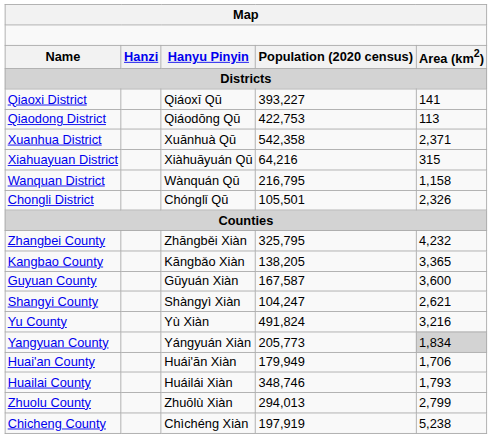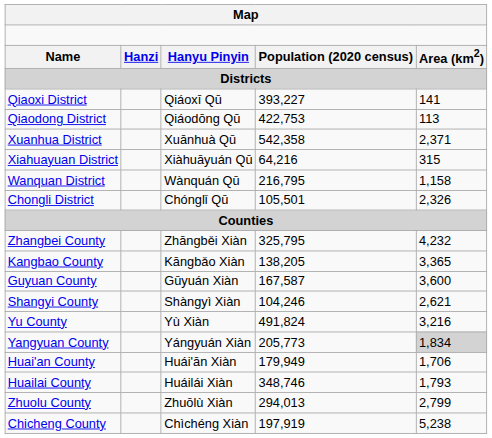 <table class="wikitable" style="font-size:90%; margin:auto;">
 <tr>
 <th colspan="6" style="text-align:center;">Map</th>
 </tr>
 <tr>
 <td colspan="6" style="text-align:center;"><div><br>                  </div></td>
 </tr>
 <tr>
 <th>Name</th>
 <th><a href='#'>Hanzi</a></th>
 <th><a href='#'>Hanyu Pinyin</a></th>
 <th>Population (2020 census)</th>
 <th>Area (km<sup>2</sup>)</th>
 </tr>
 <tr>
 <td colspan="6" style="text-align:center; background:#d3d3d3;"><strong>Districts</strong></td>
 </tr>
 <tr>
 <td><a href='#'>Qiaoxi District</a></td>
 <td></td>
 <td>Qiáoxī Qū</td>
 <td>393,227</td>
 <td>141</td>
 </tr>
 <tr>
 <td><a href='#'>Qiaodong District</a></td>
 <td></td>
 <td>Qiáodōng Qū</td>
 <td>422,753</td>
 <td>113</td>
 </tr>
 <tr>
 <td><a href='#'>Xuanhua District</a></td>
 <td></td>
 <td>Xuānhuà Qū</td>
 <td>542,358</td>
 <td>2,371</td>
 </tr>
 <tr>
 <td><a href='#'>Xiahuayuan District</a></td>
 <td></td>
 <td>Xiàhuāyuán Qū</td>
 <td>64,216</td>
 <td>315</td>
 </tr>
 <tr>
 <td><a href='#'>Wanquan District</a></td>
 <td></td>
 <td>Wànquán Qū</td>
 <td>216,795</td>
 <td>1,158</td>
 </tr>
 <tr>
 <td><a href='#'>Chongli District</a></td>
 <td></td>
 <td>Chónglǐ Qū</td>
 <td>105,501</td>
 <td>2,326</td>
 </tr>
 <tr>
 <td colspan="6" style="text-align:center; background:#d3d3d3;"><strong>Counties</strong></td>
 </tr>
 <tr>
 <td><a href='#'>Zhangbei County</a></td>
 <td></td>
 <td>Zhāngběi Xiàn</td>
 <td>325,795</td>
 <td>4,232</td>
 </tr>
 <tr>
 <td><a href='#'>Kangbao County</a></td>
 <td></td>
 <td>Kāngbǎo Xiàn</td>
 <td>138,205</td>
 <td>3,365</td>
 </tr>
 <tr>
 <td><a href='#'>Guyuan County</a></td>
 <td></td>
 <td>Gūyuán Xiàn</td>
 <td>167,587</td>
 <td>3,600</td>
 </tr>
 <tr>
 <td><a href='#'>Shangyi County</a></td>
 <td></td>
 <td>Shàngyì Xiàn</td>
-<td>104,247</td>
+<td>104,246</td>
 <td>2,621</td>
 </tr>
 <tr>
 <td><a href='#'>Yu County</a></td>
 <td></td>
 <td>Yù Xiàn</td>
 <td>491,824</td>
 <td>3,216</td>
 </tr>
 <tr>
 <td><a href='#'>Yangyuan County</a></td>
 <td></td>
 <td>Yángyuán Xiàn</td>
 <td>205,773</td>
 <td style="background: lightgrey;">1,834</td>
 </tr>
 <tr>
 <td><a href='#'>Huai'an County</a></td>
 <td></td>
 <td>Huái'ān Xiàn</td>
 <td>179,949</td>
 <td>1,706</td>
 </tr>
 <tr>
 <td><a href='#'>Huailai County</a></td>
 <td></td>
 <td>Huáilái Xiàn</td>
 <td>348,746</td>
 <td>1,793</td>
 </tr>
 <tr>
 <td><a href='#'>Zhuolu County</a></td>
 <td></td>
 <td>Zhuōlù Xiàn</td>
 <td>294,013</td>
 <td>2,799</td>
 </tr>
 <tr>
 <td><a href='#'>Chicheng County</a></td>
 <td></td>
 <td>Chìchéng Xiàn</td>
 <td>197,919</td>
 <td>5,238</td>
 </tr>
 </table>
